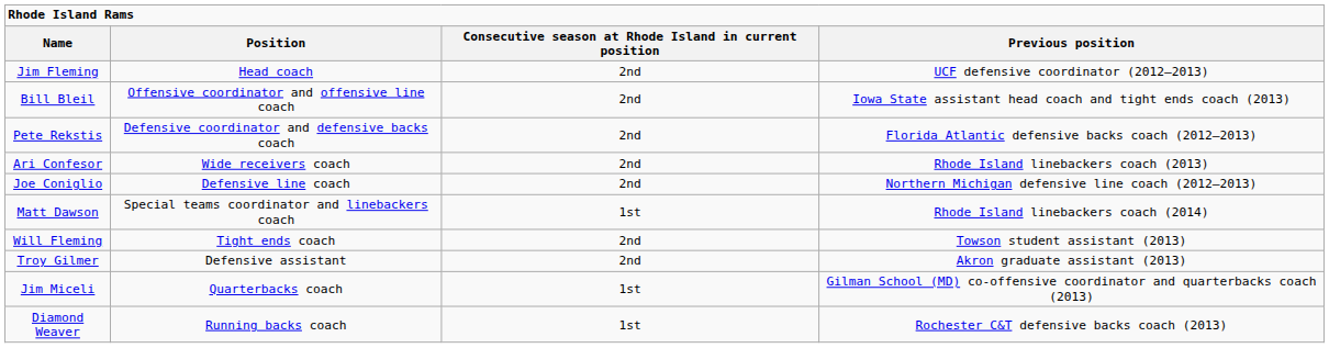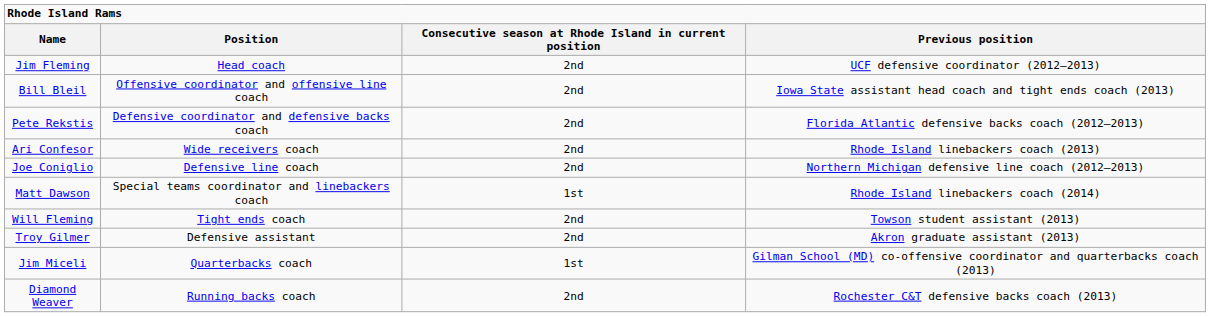 <table class="wikitable" style="font-size:90%;">
 <tr>
 <td colspan=5><strong>Rhode Island Rams</strong></td>
 </tr>
 <tr align="center";>
 <th>Name</th>
 <th>Position</th>
 <th>Consecutive season at Rhode Island in current position</th>
 <th>Previous position</th>
 </tr>
 <tr align="center" ;>
 <td><a href='#'>Jim Fleming</a></td>
 <td><a href='#'>Head coach</a></td>
 <td>2nd</td>
 <td><a href='#'>UCF</a> defensive coordinator (2012–2013)</td>
 </tr>
 <tr align="center" ;>
 <td><a href='#'>Bill Bleil</a></td>
 <td><a href='#'>Offensive coordinator</a> and <a href='#'>offensive line</a> coach</td>
 <td>2nd</td>
 <td><a href='#'>Iowa State</a> assistant head coach and tight ends coach (2013)</td>
 </tr>
 <tr align="center" ;>
 <td><a href='#'>Pete Rekstis</a></td>
 <td><a href='#'>Defensive coordinator</a> and <a href='#'>defensive backs</a> coach</td>
 <td>2nd</td>
 <td><a href='#'>Florida Atlantic</a> defensive backs coach (2012–2013)</td>
 </tr>
 <tr align="center" ;>
 <td><a href='#'>Ari Confesor</a></td>
 <td><a href='#'>Wide receivers</a> coach</td>
 <td>2nd</td>
 <td><a href='#'>Rhode Island</a> linebackers coach (2013)</td>
 </tr>
 <tr align="center" ;>
 <td><a href='#'>Joe Coniglio</a></td>
 <td><a href='#'>Defensive line</a> coach</td>
 <td>2nd</td>
 <td><a href='#'>Northern Michigan</a> defensive line coach (2012–2013)</td>
 </tr>
 <tr align="center" ;>
 <td><a href='#'>Matt Dawson</a></td>
 <td>Special teams coordinator and <a href='#'>linebackers</a> coach</td>
 <td>1st</td>
 <td><a href='#'>Rhode Island</a> linebackers coach (2014)</td>
 </tr>
 <tr align="center" ;>
 <td><a href='#'>Will Fleming</a></td>
 <td><a href='#'>Tight ends</a> coach</td>
 <td>2nd</td>
 <td><a href='#'>Towson</a> student assistant (2013)</td>
 </tr>
 <tr align="center" ;>
 <td><a href='#'>Troy Gilmer</a></td>
 <td>Defensive assistant</td>
 <td>2nd</td>
 <td><a href='#'>Akron</a> graduate assistant (2013)</td>
 </tr>
 <tr align="center" ;>
 <td><a href='#'>Jim Miceli</a></td>
 <td><a href='#'>Quarterbacks</a> coach</td>
 <td>1st</td>
 <td><a href='#'>Gilman School (MD)</a> co-offensive coordinator and quarterbacks coach (2013)</td>
 </tr>
 <tr align="center" ;>
 <td><a href='#'>Diamond Weaver</a></td>
 <td><a href='#'>Running backs</a> coach</td>
-<td>1st</td>
+<td>2nd</td>
 <td><a href='#'>Rochester C&T</a> defensive backs coach (2013)</td>
 </tr>
 </table>
